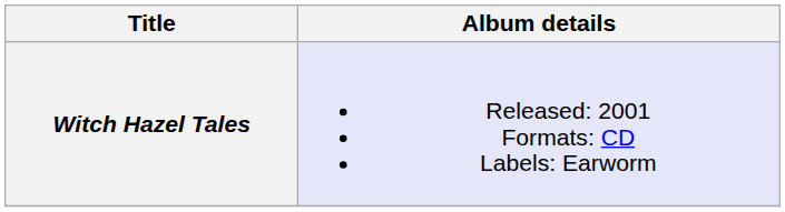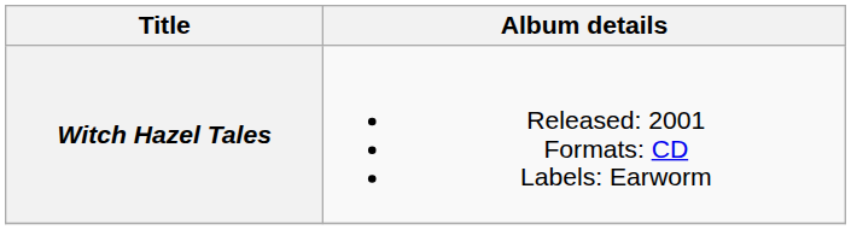 <table class="wikitable plainrowheaders" style="text-align:center;">
 <tr>
 <th scope="col" style="width:12em;">Title</th>
 <th scope="col" style="width:20em;">Album details</th>
 </tr>
 <tr>
 <th scope="row"><em>Witch Hazel Tales</em></th>
-<td style="background: lavender;"><br><ul><li>Released: 2001</li><li>Formats: <a href='#'>CD</a></li><li>Labels: Earworm</li></ul></td>
+<td><br><ul><li>Released: 2001</li><li>Formats: <a href='#'>CD</a></li><li>Labels: Earworm</li></ul></td>
 </tr>
 <tr>
 </tr>
 </table>
